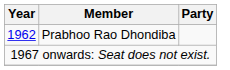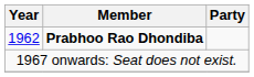 <table class="wikitable sortable">
 <tr>
 <th>Year</th>
 <th>Member</th>
 <th colspan="2">Party</th>
 </tr>
 <tr>
 <td><a href='#'>1962</a></td>
-<td>Prabhoo Rao Dhondiba</td>
+<td><strong>Prabhoo Rao Dhondiba</strong></td>
 <td></td>
 </tr>
 <tr>
 <td colspan=4 align=center>1967 onwards: <em>Seat does not exist.</em></td>
 </tr>
 <tr>
 </tr>
 </table>
